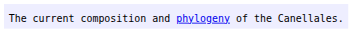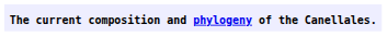 <table style="text-align:left; padding:2.5px; background:#eef">
 <tr>
 <td></td>
 </tr>
 <tr style="font-size:90%;">
-<td>The current composition and <a href='#'>phylogeny</a> of the Canellales.</td>
+<td><strong>The current composition and <a href='#'>phylogeny</a> of the Canellales.</strong></td>
 </tr>
 </table>
